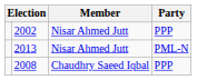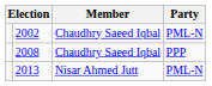 <table class="wikitable">
 <tr>
 <th colspan="2">Election</th>
 <th>Member</th>
 <th>Party</th>
 </tr>
 <tr>
 <td style="background-color: "></td>
 <td><a href='#'>2002</a></td>
-<td><a href='#'>Nisar Ahmed Jutt</a></td>
+<td><a href='#'>Chaudhry Saeed Iqbal</a></td>
+<td><a href='#'>PML-N</a></td>
+</tr>
+<tr>
+<td style="background-color: "></td>
+<td><a href='#'>2008</a></td>
+<td><a href='#'>Chaudhry Saeed Iqbal</a></td>
 <td><a href='#'>PPP</a></td>
 </tr>
 <tr>
 <td style="background-color: "></td>
 <td><a href='#'>2013</a></td>
 <td><a href='#'>Nisar Ahmed Jutt</a></td>
 <td><a href='#'>PML-N</a></td>
 </tr>
-<tr>
-<td style="background-color: "></td>
-<td><a href='#'>2008</a></td>
-<td><a href='#'>Chaudhry Saeed Iqbal</a></td>
-<td><a href='#'>PPP</a></td>
-</tr>
 </table>
